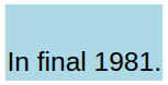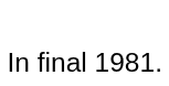 <table align="left">
 <tr ---->
 <td></td>
 </tr>
 <tr --->
-<td style="background: lightblue;"><div><br><small>In final 1981.</small> </div></td>
+<td><div><br><small>In final 1981.</small> </div></td>
 </tr>
 </table>
